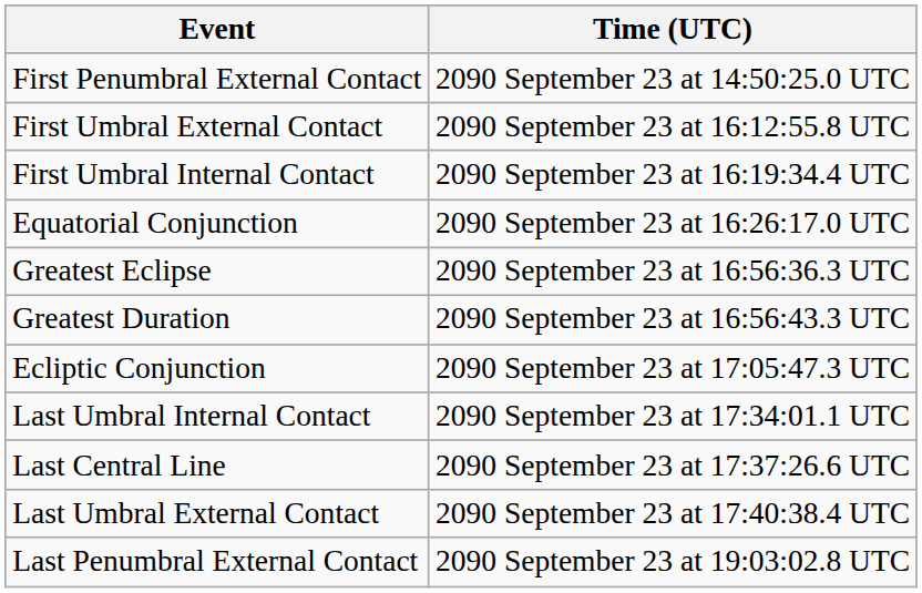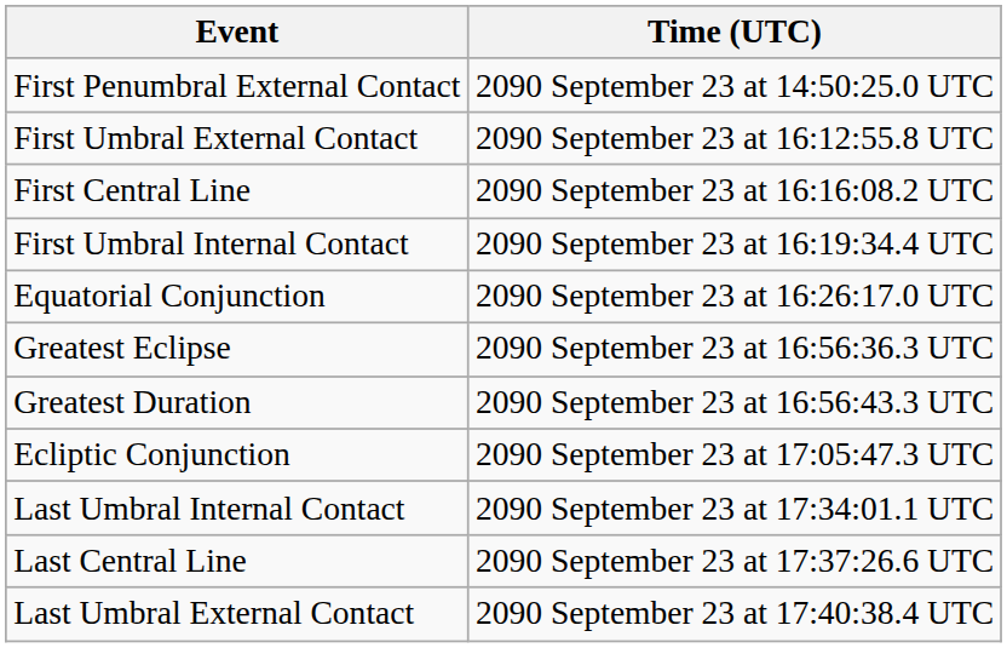 <table class="wikitable">
 <tr>
 <th>Event</th>
 <th>Time (UTC)</th>
 </tr>
 <tr>
 <td>First Penumbral External Contact</td>
 <td>2090 September 23 at 14:50:25.0 UTC</td>
 </tr>
 <tr>
 <td>First Umbral External Contact</td>
 <td>2090 September 23 at 16:12:55.8 UTC</td>
+</tr>
+<tr>
+<td>First Central Line</td>
+<td>2090 September 23 at 16:16:08.2 UTC</td>
 </tr>
 <tr>
 <td>First Umbral Internal Contact</td>
 <td>2090 September 23 at 16:19:34.4 UTC</td>
 </tr>
 <tr>
 <td>Equatorial Conjunction</td>
 <td>2090 September 23 at 16:26:17.0 UTC</td>
 </tr>
 <tr>
 <td>Greatest Eclipse</td>
 <td>2090 September 23 at 16:56:36.3 UTC</td>
 </tr>
 <tr>
 <td>Greatest Duration</td>
 <td>2090 September 23 at 16:56:43.3 UTC</td>
 </tr>
 <tr>
 <td>Ecliptic Conjunction</td>
 <td>2090 September 23 at 17:05:47.3 UTC</td>
 </tr>
 <tr>
 <td>Last Umbral Internal Contact</td>
 <td>2090 September 23 at 17:34:01.1 UTC</td>
 </tr>
 <tr>
 <td>Last Central Line</td>
 <td>2090 September 23 at 17:37:26.6 UTC</td>
 </tr>
 <tr>
 <td>Last Umbral External Contact</td>
 <td>2090 September 23 at 17:40:38.4 UTC</td>
 </tr>
-<tr>
-<td>Last Penumbral External Contact</td>
-<td>2090 September 23 at 19:03:02.8 UTC</td>
-</tr>
 </table>
